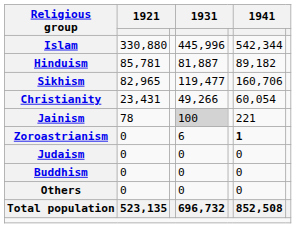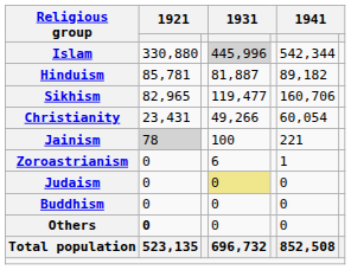 <table class="wikitable sortable">
 <tr>
 <th rowspan="2"><a href='#'>Religious</a><br>group</th>
 <th colspan="2">1921</th>
 <th colspan="2">1931</th>
 <th colspan="2">1941</th>
 </tr>
 <tr>
 <th><a href='#'></a></th>
 <th></th>
 <th></th>
 <th></th>
 <th></th>
 <th></th>
 </tr>
 <tr>
 <th><a href='#'>Islam</a> </th>
 <td>330,880</td>
 <td></td>
-<td>445,996</td>
+<td style="background: lightgrey;">445,996</td>
 <td></td>
 <td>542,344</td>
 <td></td>
 </tr>
 <tr>
 <th><a href='#'>Hinduism</a> </th>
 <td>85,781</td>
 <td></td>
 <td>81,887</td>
 <td></td>
 <td>89,182</td>
 <td></td>
 </tr>
 <tr>
 <th><a href='#'>Sikhism</a> </th>
 <td>82,965</td>
 <td></td>
 <td>119,477</td>
 <td></td>
 <td>160,706</td>
 <td></td>
 </tr>
 <tr>
 <th><a href='#'>Christianity</a> </th>
 <td>23,431</td>
 <td></td>
 <td>49,266</td>
 <td></td>
 <td>60,054</td>
 <td></td>
 </tr>
 <tr>
 <th><a href='#'>Jainism</a> </th>
-<td>78</td>
+<td style="background: lightgrey;">78</td>
 <td></td>
-<td style="background: lightgrey;">100</td>
+<td>100</td>
 <td></td>
 <td>221</td>
 <td></td>
 </tr>
 <tr>
 <th><a href='#'>Zoroastrianism</a> </th>
 <td>0</td>
 <td></td>
 <td>6</td>
 <td></td>
-<td><strong>1</strong></td>
+<td>1</td>
 <td></td>
 </tr>
 <tr>
 <th><a href='#'>Judaism</a> </th>
 <td>0</td>
 <td></td>
-<td>0</td>
+<td style="background: khaki;">0</td>
 <td></td>
 <td>0</td>
 <td></td>
 </tr>
 <tr>
 <th><a href='#'>Buddhism</a> </th>
 <td>0</td>
 <td></td>
 <td>0</td>
 <td></td>
 <td>0</td>
 <td></td>
 </tr>
 <tr>
 <th>Others</th>
-<td>0</td>
+<td><strong>0</strong></td>
 <td></td>
 <td>0</td>
 <td></td>
 <td>0</td>
 <td></td>
 </tr>
 <tr>
 <th>Total population</th>
 <th>523,135</th>
 <th></th>
 <th>696,732</th>
 <th></th>
 <th>852,508</th>
 <th></th>
 </tr>
 <tr class="sortbottom">
 <td colspan="7"></td>
 </tr>
 </table>
